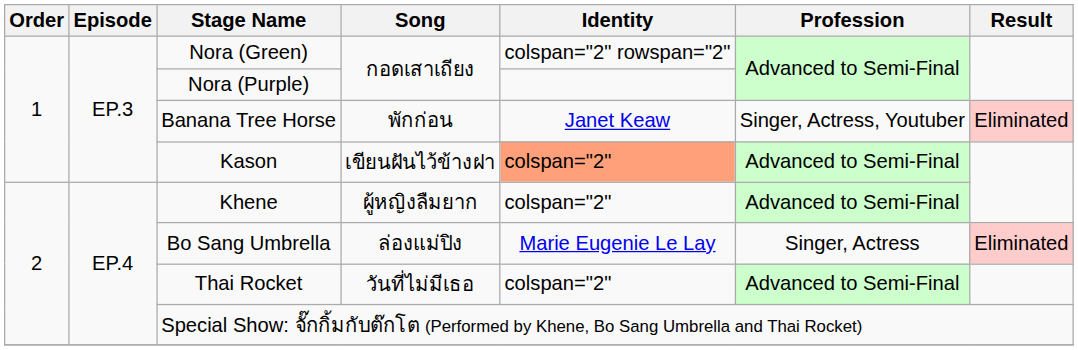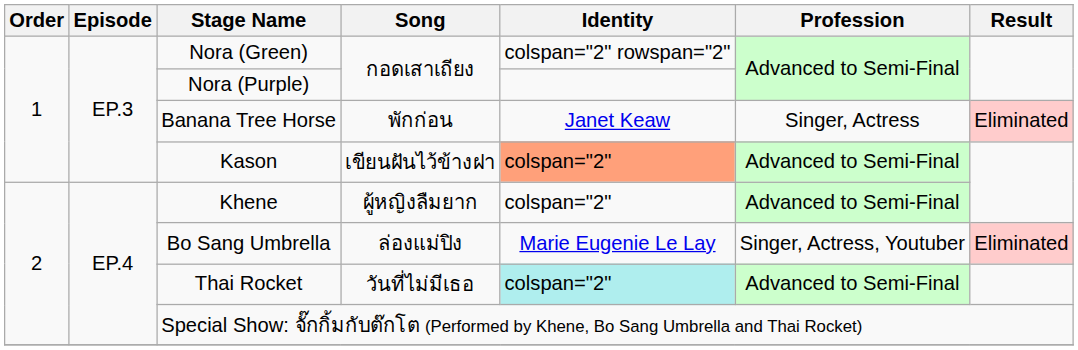 <table class="wikitable">
 <tr>
 <th>Order</th>
 <th>Episode</th>
 <th>Stage Name</th>
 <th>Song</th>
 <th>Identity</th>
 <th>Profession</th>
 <th>Result</th>
 </tr>
 <tr>
 <td rowspan="4" align="center">1</td>
 <td rowspan="4" align="center">EP.3</td>
 <td style="text-align:center;">Nora (Green)</td>
 <td rowspan="2" style="text-align:center;">กอดเสาเถียง</td>
 <td>colspan="2" rowspan="2" </td>
 <td rowspan="2" style="text-align:center; background:#ccffcc;">Advanced to Semi-Final</td>
 </tr>
 <tr>
 <td style="text-align:center;">Nora (Purple)</td>
 </tr>
 <tr>
 <td style="text-align:center;">Banana Tree Horse</td>
 <td style="text-align:center;">พักก่อน</td>
 <td style="text-align:center;"><a href='#'>Janet Keaw</a></td>
-<td style="text-align:center;">Singer, Actress, Youtuber</td>
+<td style="text-align:center;">Singer, Actress</td>
 <td style="text-align:center; background:#ffcccc;">Eliminated</td>
 </tr>
 <tr>
 <td style="text-align:center;">Kason</td>
 <td style="text-align:center;">เขียนฝันไว้ข้างฝา</td>
 <td style="background: lightsalmon;">colspan="2" </td>
 <td style="text-align:center; background:#ccffcc;">Advanced to Semi-Final</td>
 </tr>
 <tr>
 <td rowspan="4" align="center">2</td>
 <td rowspan="4" align="center">EP.4</td>
 <td style="text-align:center;">Khene</td>
 <td style="text-align:center;">ผู้หญิงลืมยาก</td>
 <td>colspan="2" </td>
 <td style="text-align:center; background:#ccffcc;">Advanced to Semi-Final</td>
 </tr>
 <tr>
 <td style="text-align:center;">Bo Sang Umbrella</td>
 <td style="text-align:center;">ล่องแม่ปิง</td>
 <td style="text-align:center;"><a href='#'>Marie Eugenie Le Lay</a></td>
-<td style="text-align:center;">Singer, Actress</td>
+<td style="text-align:center;">Singer, Actress, Youtuber</td>
 <td style="text-align:center; background:#ffcccc;">Eliminated</td>
 </tr>
 <tr>
 <td style="text-align:center;">Thai Rocket</td>
 <td style="text-align:center;">วันที่ไม่มีเธอ</td>
-<td>colspan="2" </td>
+<td style="background: paleturquoise;">colspan="2" </td>
 <td style="text-align:center; background:#ccffcc;">Advanced to Semi-Final</td>
 </tr>
 <tr>
 <td colspan="5">Special Show: จั๊กกิ้มกับต๊กโต <small>(Performed by Khene, Bo Sang Umbrella and Thai Rocket)</small></td>
 </tr>
 <tr>
 </tr>
 </table>
